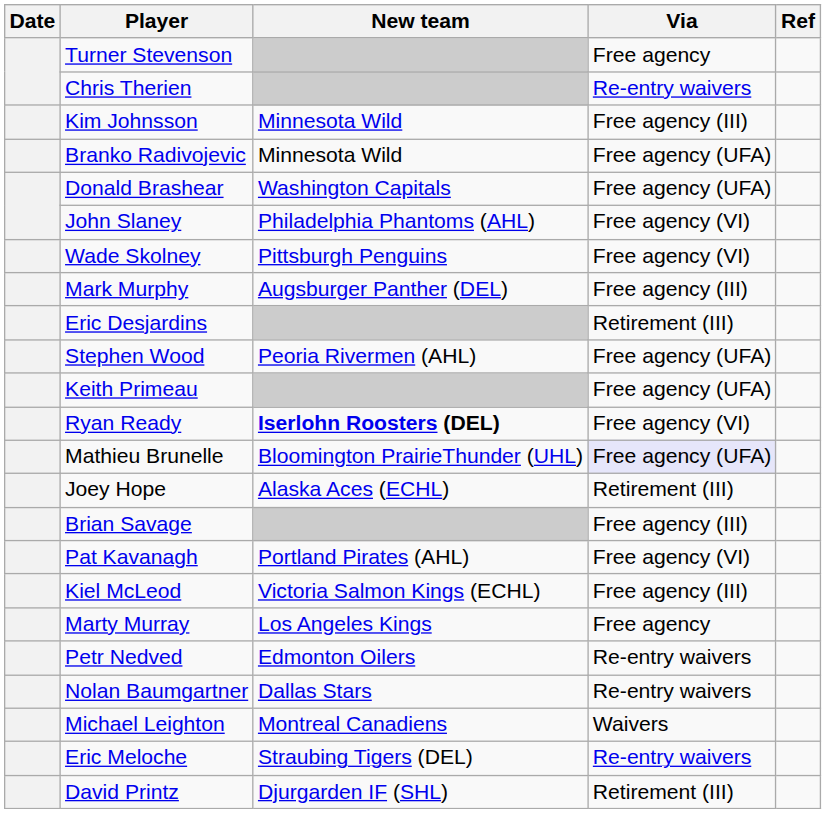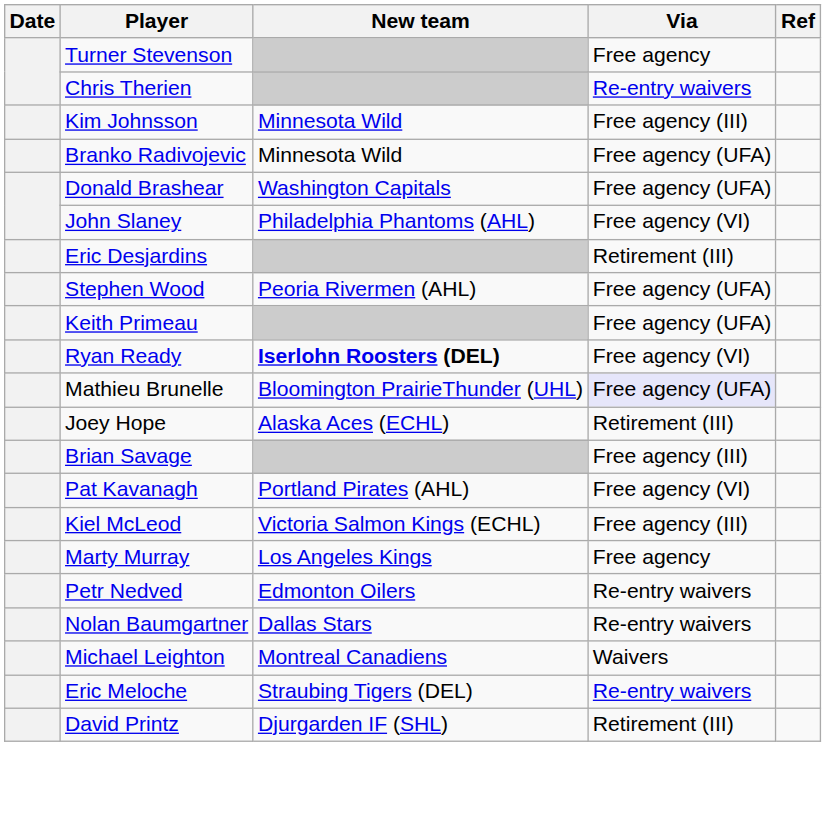 <table class="wikitable plainrowheaders">
 <tr style="background:#ddd; text-align:center;">
 <th>Date</th>
 <th>Player</th>
 <th>New team</th>
 <th>Via</th>
 <th>Ref</th>
 </tr>
 <tr>
 <th scope="row" rowspan=2></th>
 <td><a href='#'>Turner Stevenson</a></td>
 <td style="background:#ccc"></td>
 <td>Free agency</td>
 <td></td>
 </tr>
 <tr>
 <td><a href='#'>Chris Therien</a></td>
 <td style="background:#ccc"></td>
 <td><a href='#'>Re-entry waivers</a></td>
 <td></td>
 </tr>
 <tr>
 <th scope="row"></th>
 <td><a href='#'>Kim Johnsson</a></td>
 <td><a href='#'>Minnesota Wild</a></td>
 <td>Free agency (III)</td>
 <td></td>
 </tr>
 <tr>
 <th scope="row"></th>
 <td><a href='#'>Branko Radivojevic</a></td>
 <td>Minnesota Wild</td>
 <td>Free agency (UFA)</td>
 <td></td>
 </tr>
 <tr>
 <th scope="row" rowspan=2></th>
 <td><a href='#'>Donald Brashear</a></td>
 <td><a href='#'>Washington Capitals</a></td>
 <td>Free agency (UFA)</td>
 <td></td>
 </tr>
 <tr>
 <td><a href='#'>John Slaney</a></td>
 <td><a href='#'>Philadelphia Phantoms</a> (<a href='#'>AHL</a>)</td>
 <td>Free agency (VI)</td>
-<td></td>
-</tr>
-<tr>
-<th scope="row"></th>
-<td><a href='#'>Wade Skolney</a></td>
-<td><a href='#'>Pittsburgh Penguins</a></td>
-<td>Free agency (VI)</td>
-<td></td>
-</tr>
-<tr>
-<th scope="row"></th>
-<td><a href='#'>Mark Murphy</a></td>
-<td><a href='#'>Augsburger Panther</a> (<a href='#'>DEL</a>)</td>
-<td>Free agency (III)</td>
 <td></td>
 </tr>
 <tr>
 <th scope="row"></th>
 <td><a href='#'>Eric Desjardins</a></td>
 <td style="background:#ccc"></td>
 <td>Retirement (III)</td>
 <td></td>
 </tr>
 <tr>
 <th scope="row"></th>
 <td><a href='#'>Stephen Wood</a></td>
 <td><a href='#'>Peoria Rivermen</a> (AHL)</td>
 <td>Free agency (UFA)</td>
 <td></td>
 </tr>
 <tr>
 <th scope="row"></th>
 <td><a href='#'>Keith Primeau</a></td>
 <td style="background:#ccc"></td>
 <td>Free agency (UFA)</td>
 <td></td>
 </tr>
 <tr>
 <th scope="row"></th>
 <td><a href='#'>Ryan Ready</a></td>
 <td><strong><a href='#'>Iserlohn Roosters</a> (DEL)</strong></td>
 <td>Free agency (VI)</td>
 <td></td>
 </tr>
 <tr>
 <th scope="row"></th>
 <td>Mathieu Brunelle</td>
 <td><a href='#'>Bloomington PrairieThunder</a> (<a href='#'>UHL</a>)</td>
 <td style="background: lavender;">Free agency (UFA)</td>
 <td></td>
 </tr>
 <tr>
 <th scope="row"></th>
 <td>Joey Hope</td>
 <td><a href='#'>Alaska Aces</a> (<a href='#'>ECHL</a>)</td>
 <td>Retirement (III)</td>
 <td></td>
 </tr>
 <tr>
 <th scope="row"></th>
 <td><a href='#'>Brian Savage</a></td>
 <td style="background:#ccc"></td>
 <td>Free agency (III)</td>
 <td></td>
 </tr>
 <tr>
 <th scope="row"></th>
 <td><a href='#'>Pat Kavanagh</a></td>
 <td><a href='#'>Portland Pirates</a> (AHL)</td>
 <td>Free agency (VI)</td>
 <td></td>
 </tr>
 <tr>
 <th scope="row"></th>
 <td><a href='#'>Kiel McLeod</a></td>
 <td><a href='#'>Victoria Salmon Kings</a> (ECHL)</td>
 <td>Free agency (III)</td>
 <td></td>
 </tr>
 <tr>
 <th scope="row"></th>
 <td><a href='#'>Marty Murray</a></td>
 <td><a href='#'>Los Angeles Kings</a></td>
 <td>Free agency</td>
 <td></td>
 </tr>
 <tr>
 <th scope="row"></th>
 <td><a href='#'>Petr Nedved</a></td>
 <td><a href='#'>Edmonton Oilers</a></td>
 <td>Re-entry waivers</td>
 <td></td>
 </tr>
 <tr>
 <th scope="row"></th>
 <td><a href='#'>Nolan Baumgartner</a></td>
 <td><a href='#'>Dallas Stars</a></td>
 <td>Re-entry waivers</td>
 <td></td>
 </tr>
 <tr>
 <th scope="row"></th>
 <td><a href='#'>Michael Leighton</a></td>
 <td><a href='#'>Montreal Canadiens</a></td>
 <td>Waivers</td>
 <td></td>
 </tr>
 <tr>
 <th scope="row"></th>
 <td><a href='#'>Eric Meloche</a></td>
 <td><a href='#'>Straubing Tigers</a> (DEL)</td>
 <td><a href='#'>Re-entry waivers</a></td>
 <td></td>
 </tr>
 <tr>
 <th scope="row"></th>
 <td><a href='#'>David Printz</a></td>
 <td><a href='#'>Djurgarden IF</a> (<a href='#'>SHL</a>)</td>
 <td>Retirement (III)</td>
 <td></td>
 </tr>
 </table>
